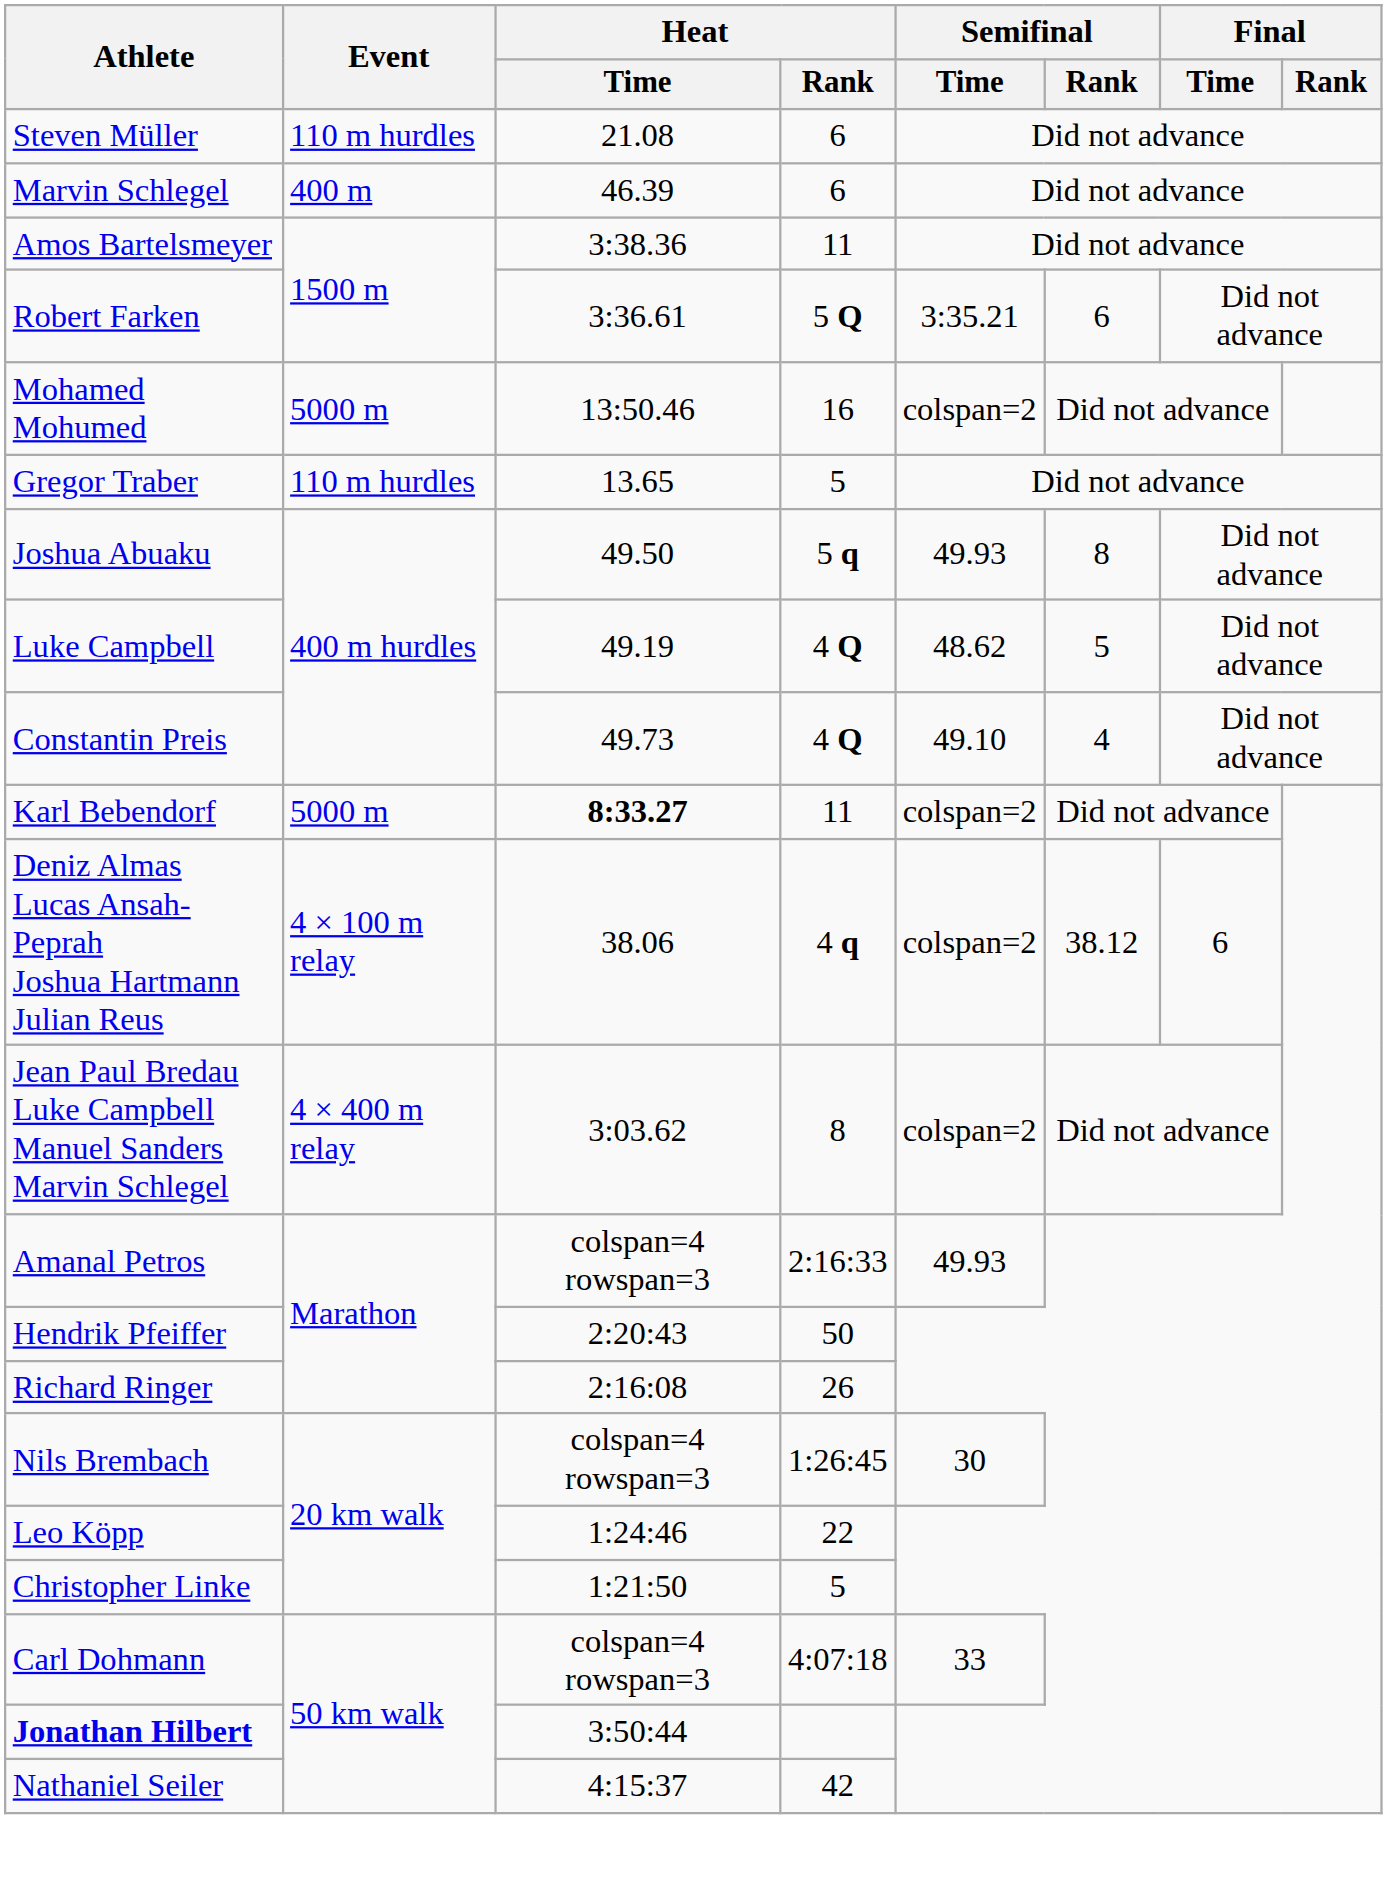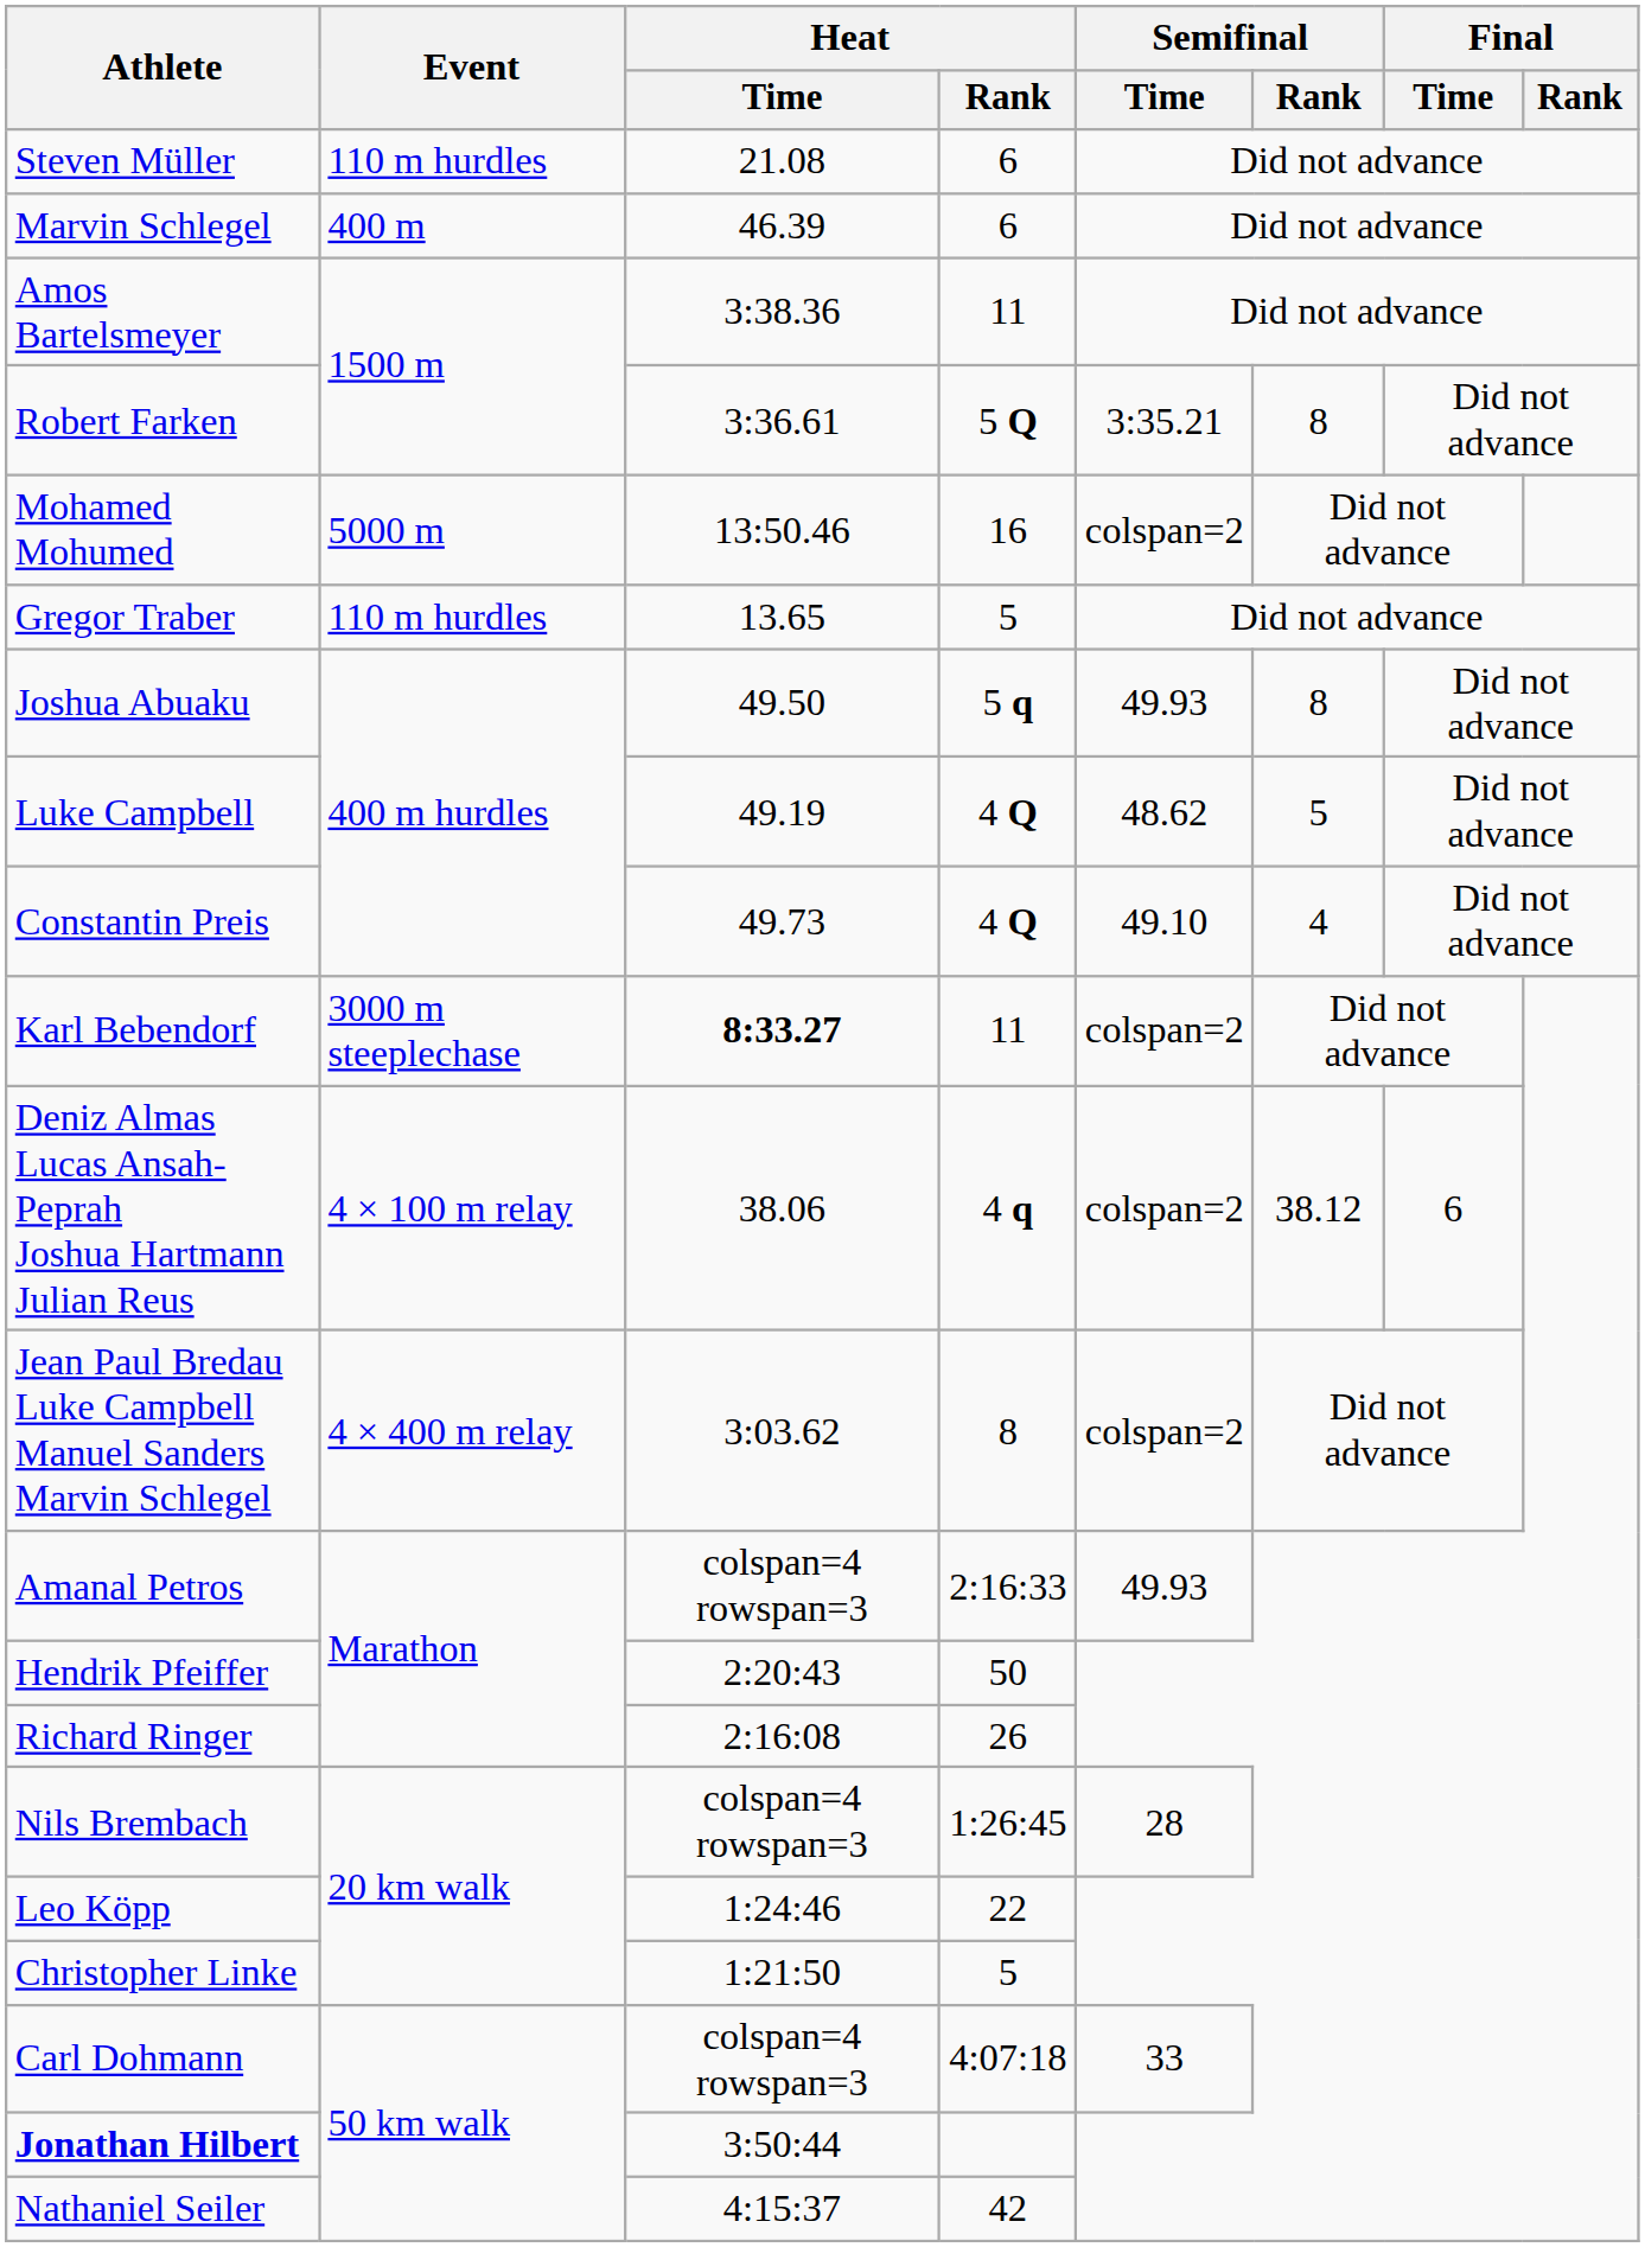 <table class=wikitable style="font-size:90%; text-align:center">
 <tr>
 <th rowspan=2>Athlete</th>
 <th rowspan=2>Event</th>
 <th colspan=2>Heat</th>
 <th colspan=2>Semifinal</th>
 <th colspan=2>Final</th>
 </tr>
 <tr style=font-size:95%>
 <th>Time</th>
 <th>Rank</th>
 <th>Time</th>
 <th>Rank</th>
 <th>Time</th>
 <th>Rank</th>
 </tr>
 <tr>
 <td align=left><a href='#'>Steven Müller</a></td>
 <td align=left><a href='#'>110 m hurdles</a></td>
 <td>21.08</td>
 <td>6</td>
 <td colspan=4>Did not advance</td>
 </tr>
 <tr>
 <td align=left><a href='#'>Marvin Schlegel</a></td>
 <td align=left><a href='#'>400 m</a></td>
 <td>46.39</td>
 <td>6</td>
 <td colspan=4>Did not advance</td>
 </tr>
 <tr>
 <td align="left"><a href='#'>Amos Bartelsmeyer</a></td>
 <td rowspan="2" align="left"><a href='#'>1500 m</a></td>
 <td>3:38.36</td>
 <td>11</td>
 <td colspan=4>Did not advance</td>
 </tr>
 <tr>
 <td align="left"><a href='#'>Robert Farken</a></td>
 <td>3:36.61</td>
 <td>5 <strong>Q</strong></td>
 <td>3:35.21</td>
-<td>6</td>
+<td>8</td>
 <td colspan=2>Did not advance</td>
 </tr>
 <tr>
 <td align="left"><a href='#'>Mohamed Mohumed</a></td>
 <td align="left"><a href='#'>5000 m</a></td>
 <td>13:50.46</td>
 <td>16</td>
 <td>colspan=2 </td>
 <td colspan=2>Did not advance</td>
 </tr>
 <tr>
 <td align=left><a href='#'>Gregor Traber</a></td>
 <td align=left><a href='#'>110 m hurdles</a></td>
 <td>13.65</td>
 <td>5</td>
 <td colspan=4>Did not advance</td>
 </tr>
 <tr>
 <td align="left"><a href='#'>Joshua Abuaku</a></td>
 <td rowspan="3" align="left"><a href='#'>400 m hurdles</a></td>
 <td>49.50 <strong></strong></td>
 <td>5 <strong>q</strong></td>
 <td>49.93</td>
 <td>8</td>
 <td colspan="2">Did not advance</td>
 </tr>
 <tr>
 <td align="left"><a href='#'>Luke Campbell</a></td>
 <td>49.19 <strong></strong></td>
 <td>4 <strong>Q</strong></td>
 <td>48.62 <strong></strong></td>
 <td>5</td>
 <td colspan="2">Did not advance</td>
 </tr>
 <tr>
 <td align="left"><a href='#'>Constantin Preis</a></td>
 <td>49.73</td>
 <td>4 <strong>Q</strong></td>
 <td>49.10</td>
 <td>4</td>
 <td colspan="2">Did not advance</td>
 </tr>
 <tr>
 <td align="left"><a href='#'>Karl Bebendorf</a></td>
-<td align="left"><a href='#'>5000 m</a></td>
+<td align="left"><a href='#'>3000 m steeplechase</a></td>
 <td><strong>8:33.27</strong></td>
 <td>11</td>
 <td>colspan=2 </td>
 <td colspan="2">Did not advance</td>
 </tr>
 <tr>
 <td align=left><a href='#'>Deniz Almas</a><br><a href='#'>Lucas Ansah-Peprah</a><br><a href='#'>Joshua Hartmann</a><br><a href='#'>Julian Reus</a></td>
 <td align=left><a href='#'>4 × 100 m relay</a></td>
 <td>38.06 <strong></strong></td>
 <td>4 <strong>q</strong></td>
 <td>colspan=2 </td>
 <td>38.12</td>
 <td>6</td>
 </tr>
 <tr>
 <td align=left><a href='#'>Jean Paul Bredau</a><br><a href='#'>Luke Campbell</a><br><a href='#'>Manuel Sanders</a><br><a href='#'>Marvin Schlegel</a></td>
 <td align=left><a href='#'>4 × 400 m relay</a></td>
 <td>3:03.62</td>
 <td>8</td>
 <td>colspan=2 </td>
 <td colspan=2>Did not advance</td>
 </tr>
 <tr>
 <td align="left"><a href='#'>Amanal Petros</a></td>
 <td rowspan="3" align="left"><a href='#'>Marathon</a></td>
 <td>colspan=4 rowspan=3 </td>
 <td>2:16:33 <strong></strong></td>
 <td>49.93</td>
 </tr>
 <tr>
 <td align="left"><a href='#'>Hendrik Pfeiffer</a></td>
 <td>2:20:43 <strong></strong></td>
 <td>50</td>
 </tr>
 <tr>
 <td align="left"><a href='#'>Richard Ringer</a></td>
 <td>2:16:08</td>
 <td>26</td>
 </tr>
 <tr>
 <td align="left"><a href='#'>Nils Brembach</a></td>
 <td rowspan="3" align="left"><a href='#'>20 km walk</a></td>
 <td>colspan=4 rowspan=3 </td>
 <td>1:26:45</td>
-<td>30</td>
+<td>28</td>
 </tr>
 <tr>
 <td align="left"><a href='#'>Leo Köpp</a></td>
 <td>1:24:46</td>
 <td>22</td>
 </tr>
 <tr>
 <td align="left"><a href='#'>Christopher Linke</a></td>
 <td>1:21:50</td>
 <td>5</td>
 </tr>
 <tr>
 <td align="left"><a href='#'>Carl Dohmann</a></td>
 <td rowspan="3" align="left"><a href='#'>50 km walk</a></td>
 <td>colspan=4 rowspan=3 </td>
 <td>4:07:18</td>
 <td>33</td>
 </tr>
 <tr>
 <td align="left"><strong><a href='#'>Jonathan Hilbert</a></strong></td>
 <td>3:50:44</td>
 <td></td>
 </tr>
 <tr>
 <td align="left"><a href='#'>Nathaniel Seiler</a></td>
 <td>4:15:37</td>
 <td>42</td>
 </tr>
 </table>
